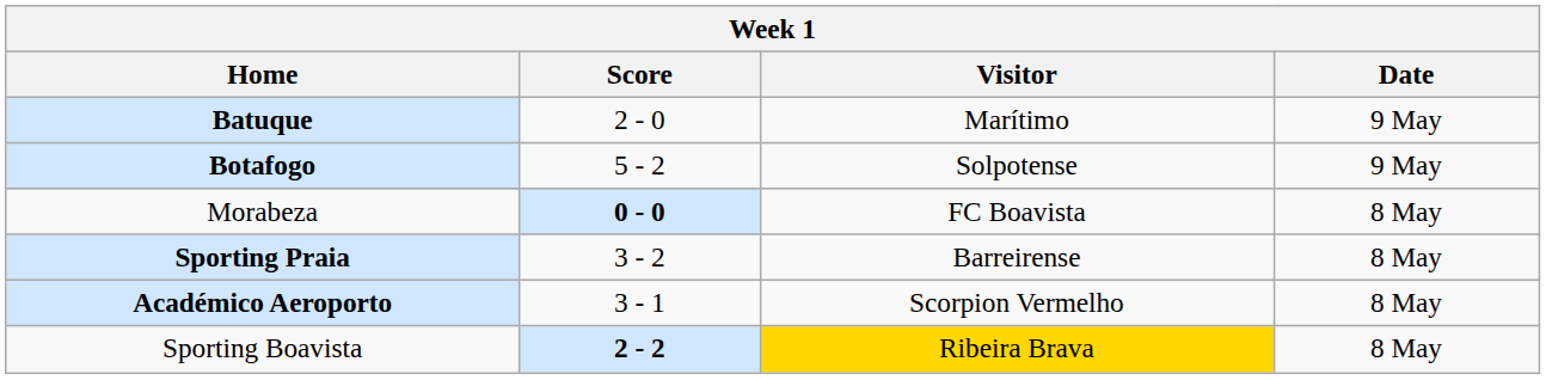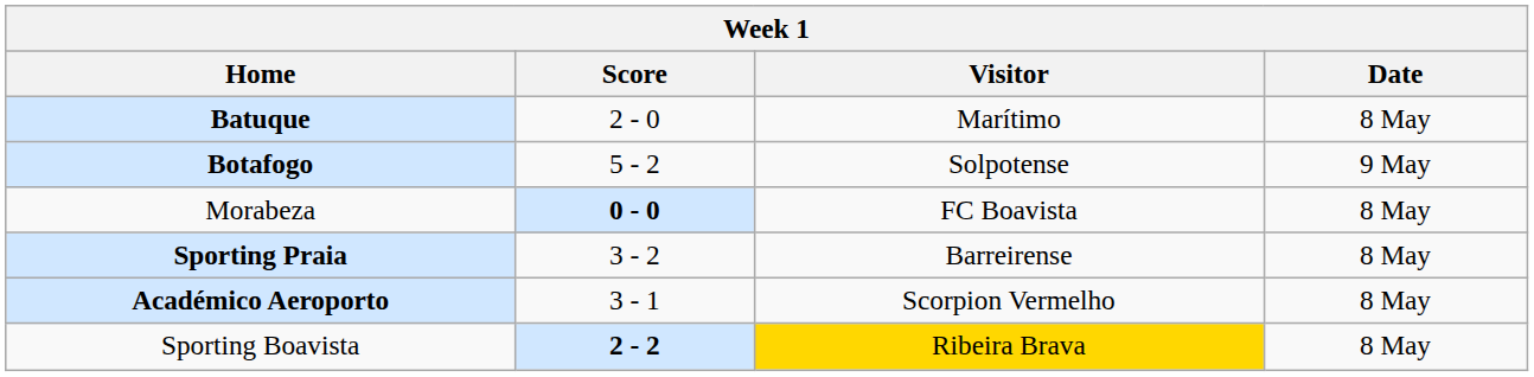 <table class="wikitable" style="font-size:95%; text-align: center; width: 95%;">
 <tr>
 <th colspan="12" style="with: 100%;" align=center>Week 1</th>
 </tr>
 <tr>
 <th width="200">Home</th>
 <th width="90">Score</th>
 <th width="200">Visitor</th>
 <th width="100">Date</th>
 </tr>
 <tr align=center>
 <td bgcolor=#D0E7FF><strong>Batuque</strong></td>
 <td>2 - 0</td>
 <td>Marítimo</td>
-<td>9 May</td>
+<td>8 May</td>
 </tr>
 <tr align=center>
 <td bgcolor=#D0E7FF><strong>Botafogo</strong></td>
 <td>5 - 2</td>
 <td>Solpotense</td>
 <td>9 May</td>
 </tr>
 <tr align=center>
 <td>Morabeza</td>
 <td bgcolor=#D0E7FF><strong>0 - 0</strong></td>
 <td>FC Boavista</td>
 <td>8 May</td>
 </tr>
 <tr align=center>
 <td bgcolor=#D0E7FF><strong>Sporting Praia</strong></td>
 <td>3 - 2</td>
 <td>Barreirense</td>
 <td>8 May</td>
 </tr>
 <tr align=center>
 <td bgcolor=#D0E7FF><strong>Académico Aeroporto</strong></td>
 <td>3 - 1</td>
 <td>Scorpion Vermelho</td>
 <td>8 May</td>
 </tr>
 <tr align=center>
 <td>Sporting Boavista</td>
 <td bgcolor=#D0E7FF><strong>2 - 2</strong></td>
 <td style="background: gold;">Ribeira Brava</td>
 <td>8 May</td>
 </tr>
 </table>
